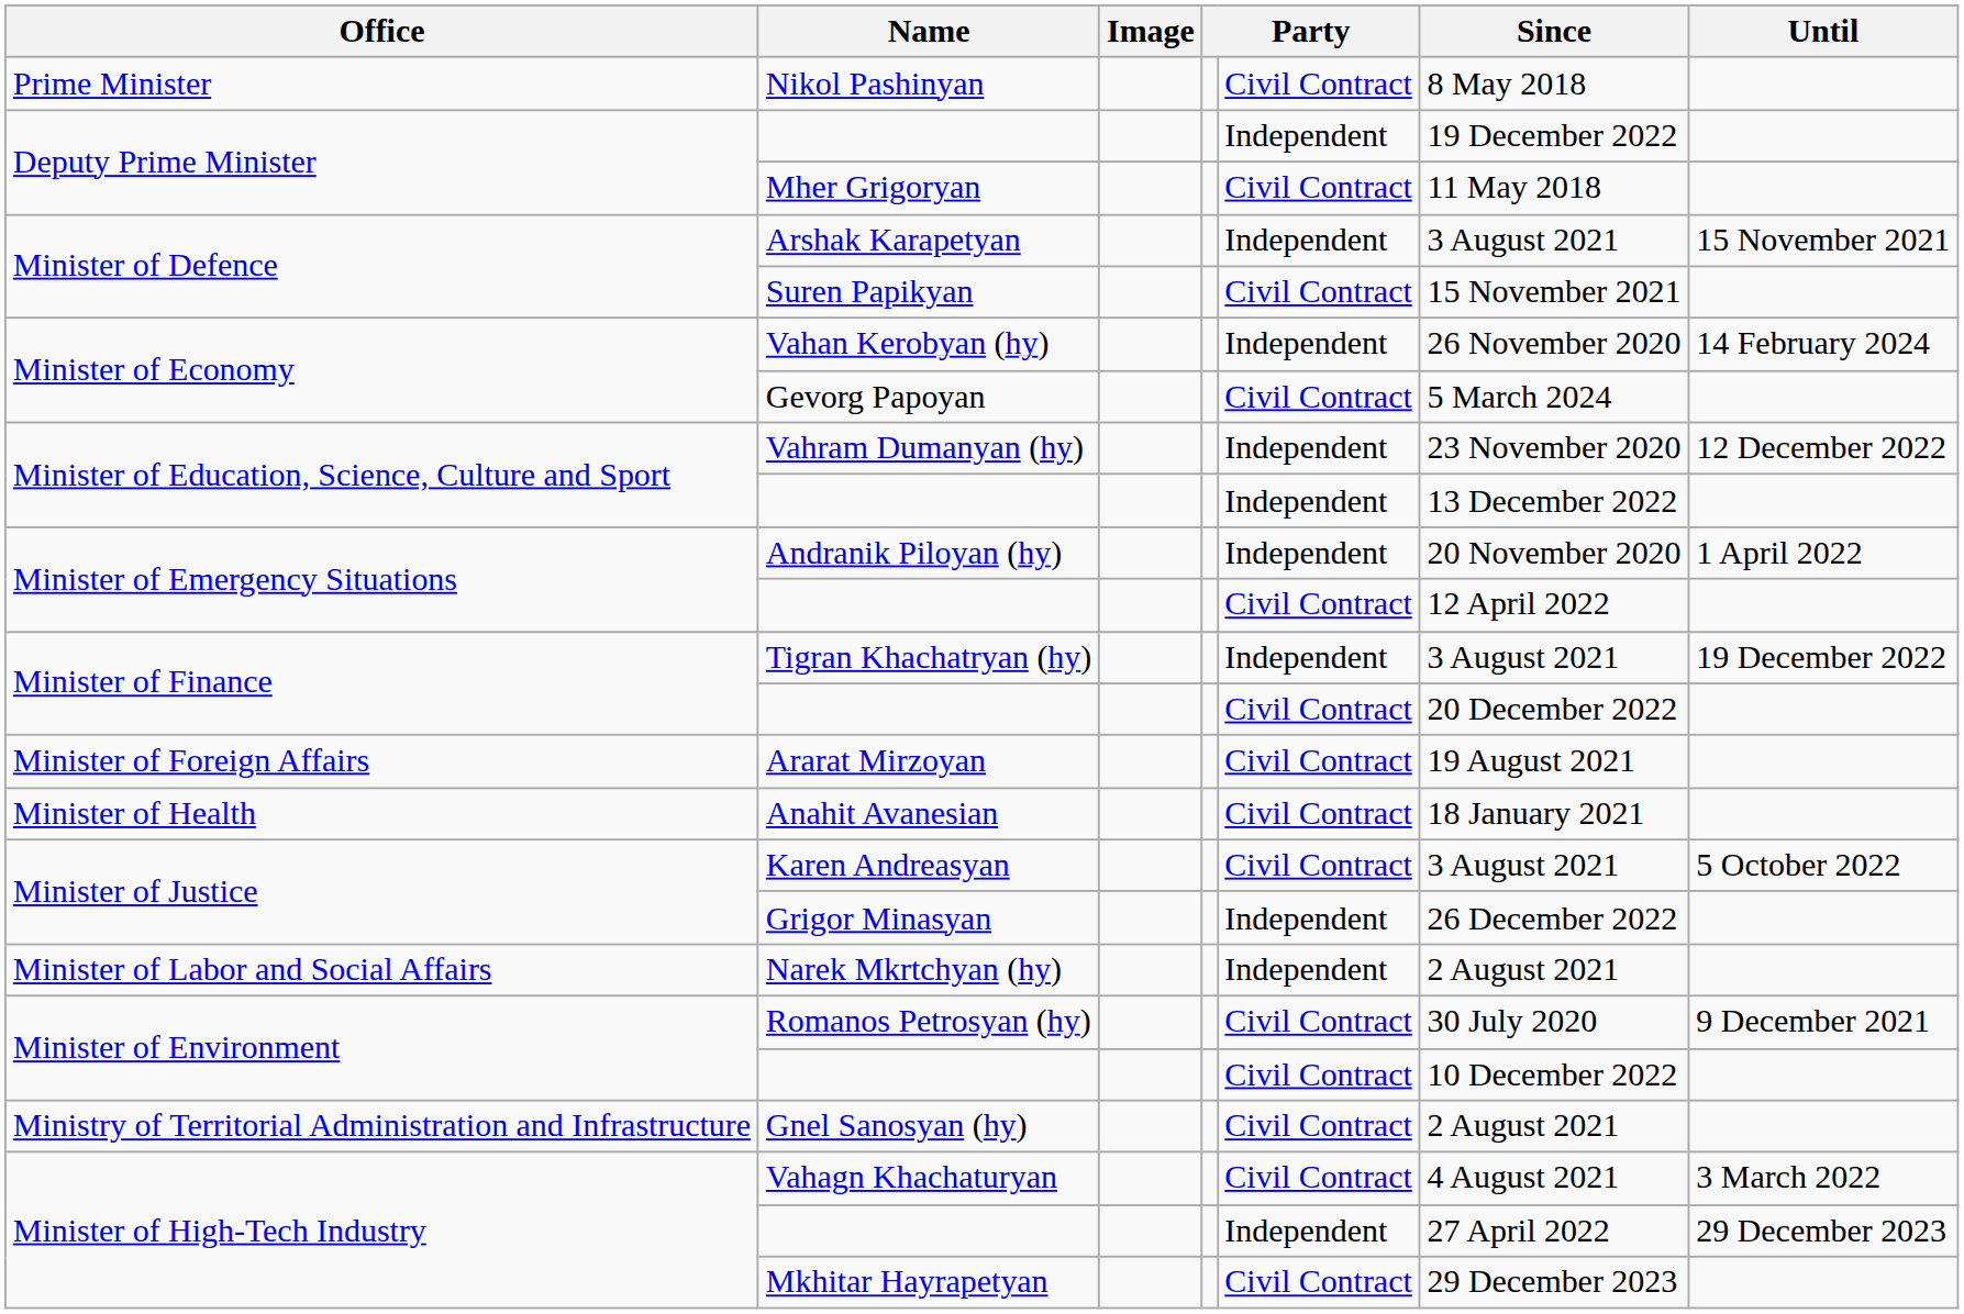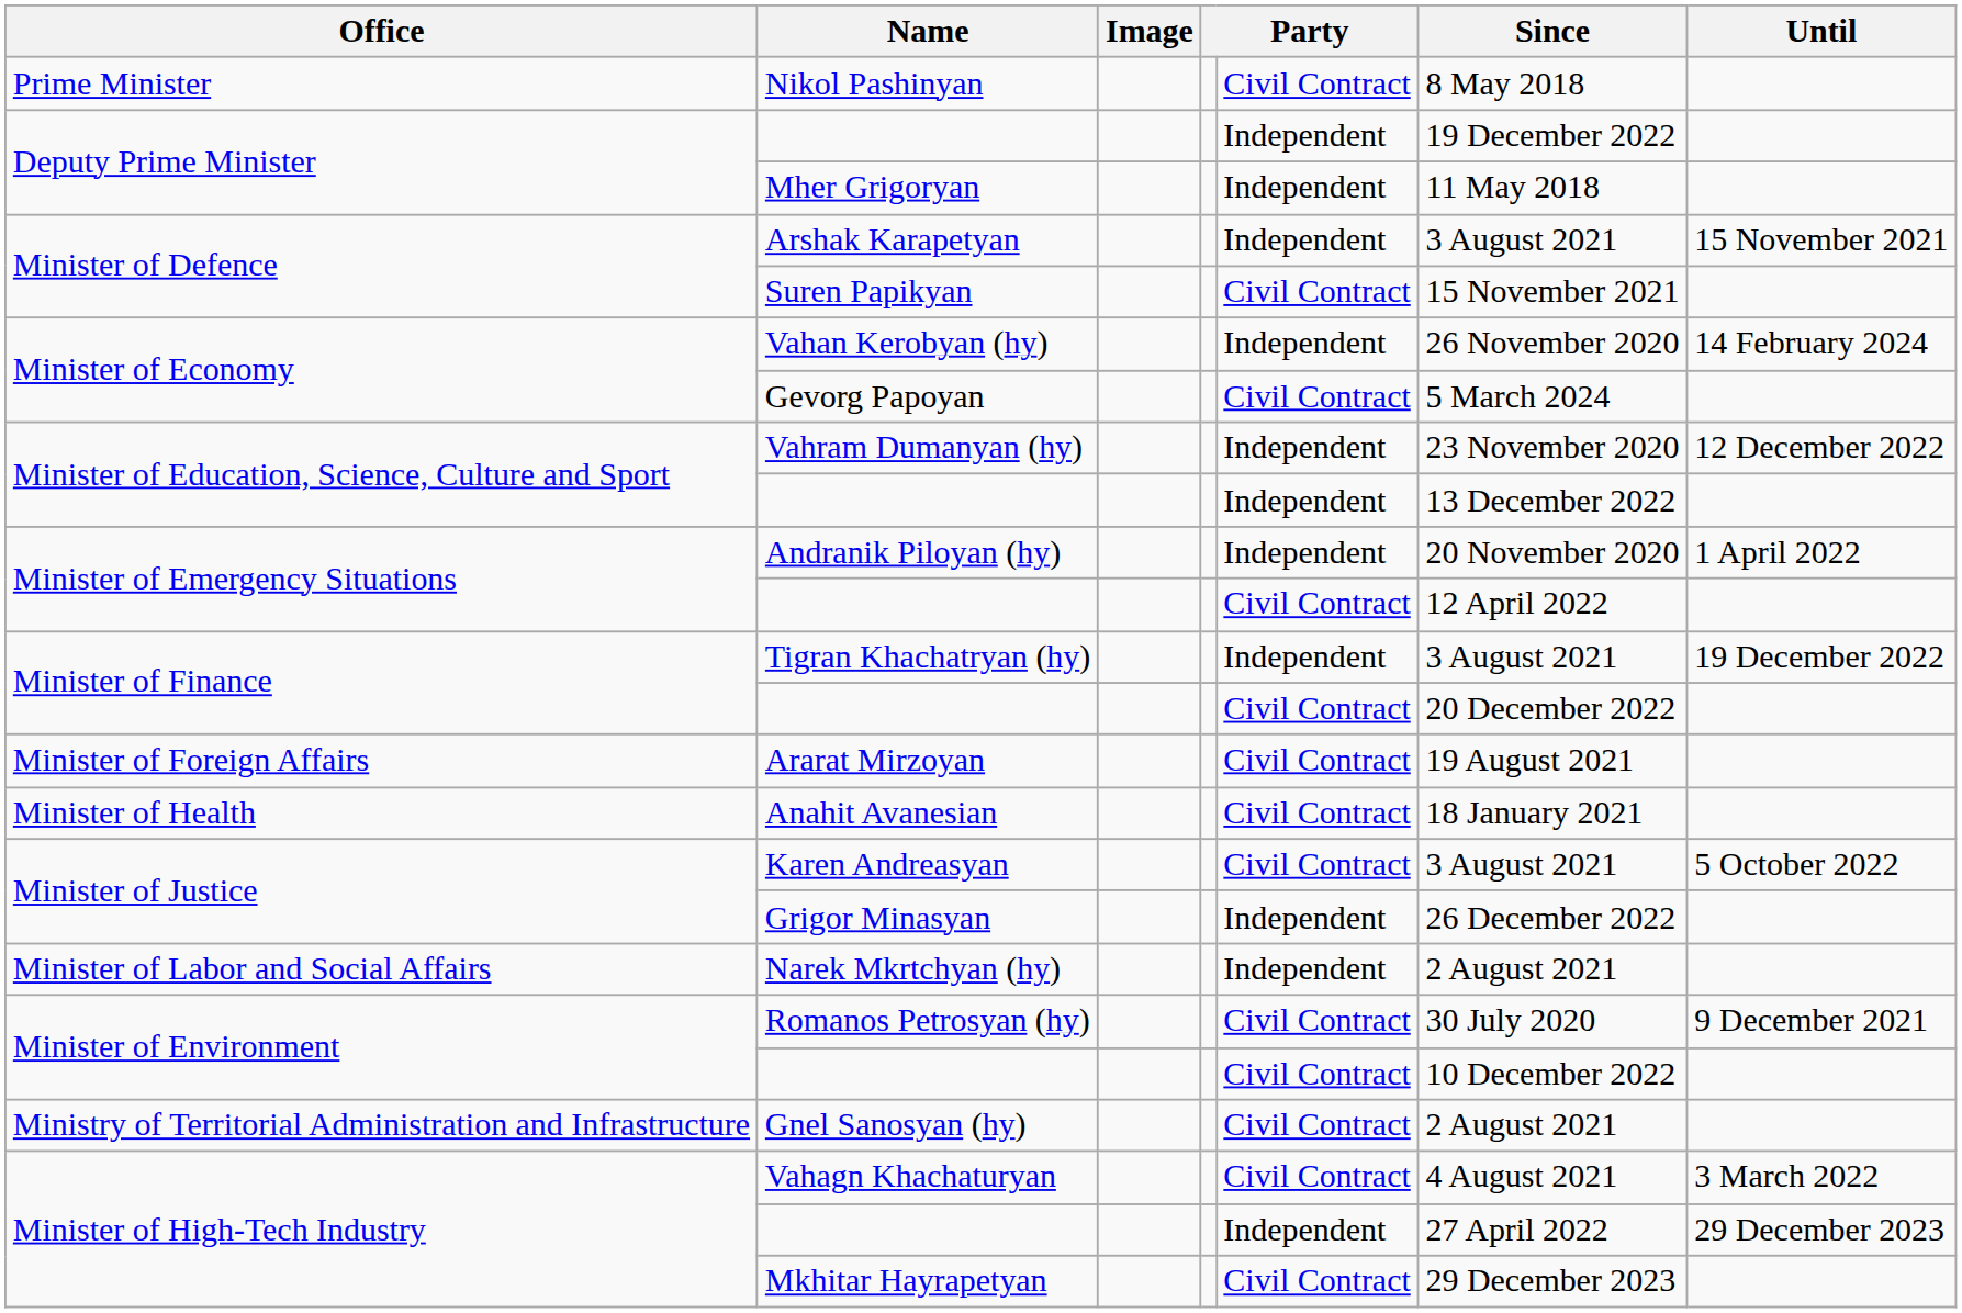 <table class="wikitable">
 <tr>
 <th>Office</th>
 <th>Name</th>
 <th>Image</th>
 <th colspan="2">Party</th>
 <th>Since</th>
 <th>Until</th>
 </tr>
 <tr>
 <td><a href='#'>Prime Minister</a></td>
 <td><a href='#'>Nikol Pashinyan</a></td>
 <td></td>
 <td style="background:"></td>
 <td><a href='#'>Civil Contract</a></td>
 <td>8 May 2018</td>
 <td></td>
 </tr>
 <tr>
 <td rowspan="2"><a href='#'>Deputy Prime Minister</a></td>
 <td></td>
 <td></td>
 <td style="background:"></td>
 <td>Independent</td>
 <td>19 December 2022</td>
 <td></td>
 </tr>
 <tr>
 <td><a href='#'>Mher Grigoryan</a></td>
 <td></td>
 <td style="background:"></td>
-<td><a href='#'>Civil Contract</a></td>
+<td>Independent</td>
 <td>11 May 2018</td>
 <td></td>
 </tr>
 <tr>
 <td rowspan="2"><a href='#'>Minister of Defence</a></td>
 <td><a href='#'>Arshak Karapetyan</a></td>
 <td></td>
 <td style="background:"></td>
 <td>Independent</td>
 <td>3 August 2021</td>
 <td>15 November 2021</td>
 </tr>
 <tr>
 <td><a href='#'>Suren Papikyan</a></td>
 <td></td>
 <td style="background:"></td>
 <td><a href='#'>Civil Contract</a></td>
 <td>15 November 2021</td>
 <td></td>
 </tr>
 <tr>
 <td rowspan="2"><a href='#'>Minister of Economy</a></td>
 <td><a href='#'>Vahan Kerobyan</a> (<a href='#'>hy</a>)</td>
 <td></td>
 <td style="background:"></td>
 <td>Independent</td>
 <td>26 November 2020</td>
 <td>14 February 2024</td>
 </tr>
 <tr>
 <td>Gevorg Papoyan</td>
 <td></td>
 <td style="background:"></td>
 <td><a href='#'>Civil Contract</a></td>
 <td>5 March 2024</td>
 <td></td>
 </tr>
 <tr>
 <td rowspan="2"><a href='#'>Minister of Education, Science, Culture and Sport</a></td>
 <td><a href='#'>Vahram Dumanyan</a> (<a href='#'>hy</a>)</td>
 <td></td>
 <td style="background:"></td>
 <td>Independent</td>
 <td>23 November 2020</td>
 <td>12 December 2022</td>
 </tr>
 <tr>
 <td></td>
 <td></td>
 <td></td>
 <td>Independent</td>
 <td>13 December 2022</td>
 <td></td>
 </tr>
 <tr>
 <td rowspan="2"><a href='#'>Minister of Emergency Situations</a></td>
 <td><a href='#'>Andranik Piloyan</a> (<a href='#'>hy</a>)</td>
 <td></td>
 <td style="background:"></td>
 <td>Independent</td>
 <td>20 November 2020</td>
 <td>1 April 2022</td>
 </tr>
 <tr>
 <td></td>
 <td></td>
 <td></td>
 <td><a href='#'>Civil Contract</a></td>
 <td>12 April 2022</td>
 <td></td>
 </tr>
 <tr>
 <td rowspan="2"><a href='#'>Minister of Finance</a></td>
 <td><a href='#'>Tigran Khachatryan</a> (<a href='#'>hy</a>)</td>
 <td></td>
 <td style="background:"></td>
 <td>Independent</td>
 <td>3 August 2021</td>
 <td>19 December 2022</td>
 </tr>
 <tr>
 <td></td>
 <td></td>
 <td></td>
 <td><a href='#'>Civil Contract</a></td>
 <td>20 December 2022</td>
 <td></td>
 </tr>
 <tr>
 <td><a href='#'>Minister of Foreign Affairs</a></td>
 <td><a href='#'>Ararat Mirzoyan</a></td>
 <td></td>
 <td style="background:"></td>
 <td><a href='#'>Civil Contract</a></td>
 <td>19 August 2021</td>
 <td></td>
 </tr>
 <tr>
 <td><a href='#'>Minister of Health</a></td>
 <td><a href='#'>Anahit Avanesian</a></td>
 <td></td>
 <td style="background:"></td>
 <td><a href='#'>Civil Contract</a></td>
 <td>18 January 2021</td>
 <td></td>
 </tr>
 <tr>
 <td rowspan="2"><a href='#'>Minister of Justice</a></td>
 <td><a href='#'>Karen Andreasyan</a></td>
 <td></td>
 <td style="background:"></td>
 <td><a href='#'>Civil Contract</a></td>
 <td>3 August 2021</td>
 <td>5 October 2022</td>
 </tr>
 <tr>
 <td><a href='#'>Grigor Minasyan</a></td>
 <td></td>
 <td></td>
 <td>Independent</td>
 <td>26 December 2022</td>
 <td></td>
 </tr>
 <tr>
 <td><a href='#'>Minister of Labor and Social Affairs</a></td>
 <td><a href='#'>Narek Mkrtchyan</a> (<a href='#'>hy</a>)</td>
 <td></td>
 <td style="background:"></td>
 <td>Independent</td>
 <td>2 August 2021</td>
 <td></td>
 </tr>
 <tr>
 <td rowspan="2"><a href='#'>Minister of Environment</a></td>
 <td><a href='#'>Romanos Petrosyan</a> (<a href='#'>hy</a>)</td>
 <td></td>
 <td style="background:"></td>
 <td><a href='#'>Civil Contract</a></td>
 <td>30 July 2020</td>
 <td>9 December 2021</td>
 </tr>
 <tr>
 <td></td>
 <td></td>
 <td style="background:"></td>
 <td><a href='#'>Civil Contract</a></td>
 <td>10 December 2022</td>
 <td></td>
 </tr>
 <tr>
 <td><a href='#'>Ministry of Territorial Administration and Infrastructure</a></td>
 <td><a href='#'>Gnel Sanosyan</a> (<a href='#'>hy</a>)</td>
 <td></td>
 <td style="background:"></td>
 <td><a href='#'>Civil Contract</a></td>
 <td>2 August 2021</td>
 <td></td>
 </tr>
 <tr>
 <td rowspan="3"><a href='#'>Minister of High-Tech Industry</a></td>
 <td><a href='#'>Vahagn Khachaturyan</a></td>
 <td></td>
 <td style="background:"></td>
 <td><a href='#'>Civil Contract</a></td>
 <td>4 August 2021</td>
 <td>3 March 2022</td>
 </tr>
 <tr>
 <td></td>
 <td></td>
 <td style="background:"></td>
 <td>Independent</td>
 <td>27 April 2022</td>
 <td>29 December 2023</td>
 </tr>
 <tr>
 <td><a href='#'>Mkhitar Hayrapetyan</a></td>
 <td></td>
 <td style="background:"></td>
 <td><a href='#'>Civil Contract</a></td>
 <td>29 December 2023</td>
 <td></td>
 </tr>
 </table>
